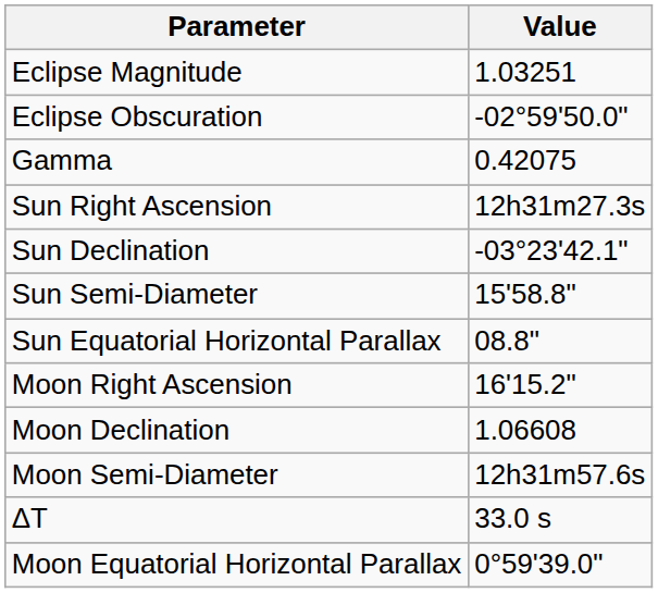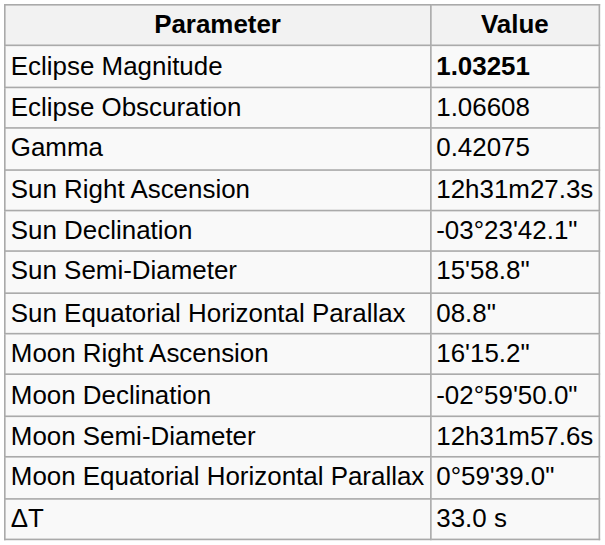 <table class="wikitable">
 <tr>
 <th>Parameter</th>
 <th>Value</th>
 </tr>
 <tr>
 <td>Eclipse Magnitude</td>
-<td>1.03251</td>
+<td><strong>1.03251</strong></td>
 </tr>
 <tr>
 <td>Eclipse Obscuration</td>
-<td>-02°59'50.0"</td>
+<td>1.06608</td>
 </tr>
 <tr>
 <td>Gamma</td>
 <td>0.42075</td>
 </tr>
 <tr>
 <td>Sun Right Ascension</td>
 <td>12h31m27.3s</td>
 </tr>
 <tr>
 <td>Sun Declination</td>
 <td>-03°23'42.1"</td>
 </tr>
 <tr>
 <td>Sun Semi-Diameter</td>
 <td>15'58.8"</td>
 </tr>
 <tr>
 <td>Sun Equatorial Horizontal Parallax</td>
 <td>08.8"</td>
 </tr>
 <tr>
 <td>Moon Right Ascension</td>
 <td>16'15.2"</td>
 </tr>
 <tr>
 <td>Moon Declination</td>
-<td>1.06608</td>
+<td>-02°59'50.0"</td>
 </tr>
 <tr>
 <td>Moon Semi-Diameter</td>
 <td>12h31m57.6s</td>
 </tr>
 <tr>
+<td>Moon Equatorial Horizontal Parallax</td>
+<td>0°59'39.0"</td>
+</tr>
+<tr>
 <td>ΔT</td>
 <td>33.0 s</td>
 </tr>
-<tr>
-<td>Moon Equatorial Horizontal Parallax</td>
-<td>0°59'39.0"</td>
-</tr>
 </table>
